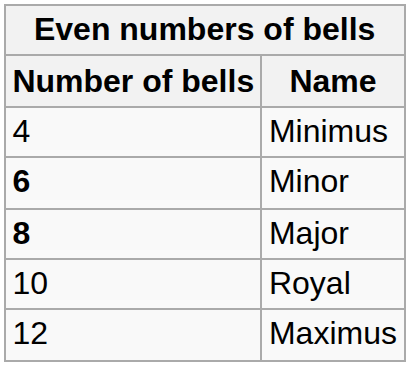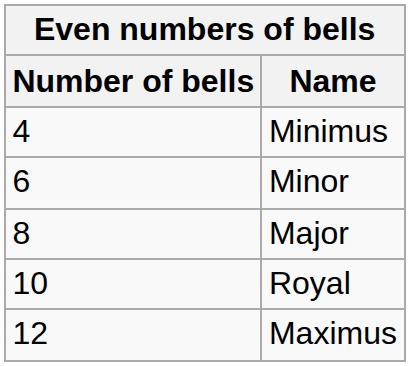 <table class="wikitable" style="float: left; margin: 1em;">
 <tr>
 <th colspan="2">Even numbers of bells</th>
 </tr>
 <tr>
 <th>Number of bells</th>
 <th>Name</th>
 </tr>
 <tr>
 <td>4</td>
 <td>Minimus</td>
 </tr>
 <tr>
-<td><strong>6</strong></td>
+<td>6</td>
 <td>Minor</td>
 </tr>
 <tr>
-<td><strong>8</strong></td>
+<td>8</td>
 <td>Major</td>
 </tr>
 <tr>
 <td>10</td>
 <td>Royal</td>
 </tr>
 <tr>
 <td>12</td>
 <td>Maximus</td>
 </tr>
 </table>
